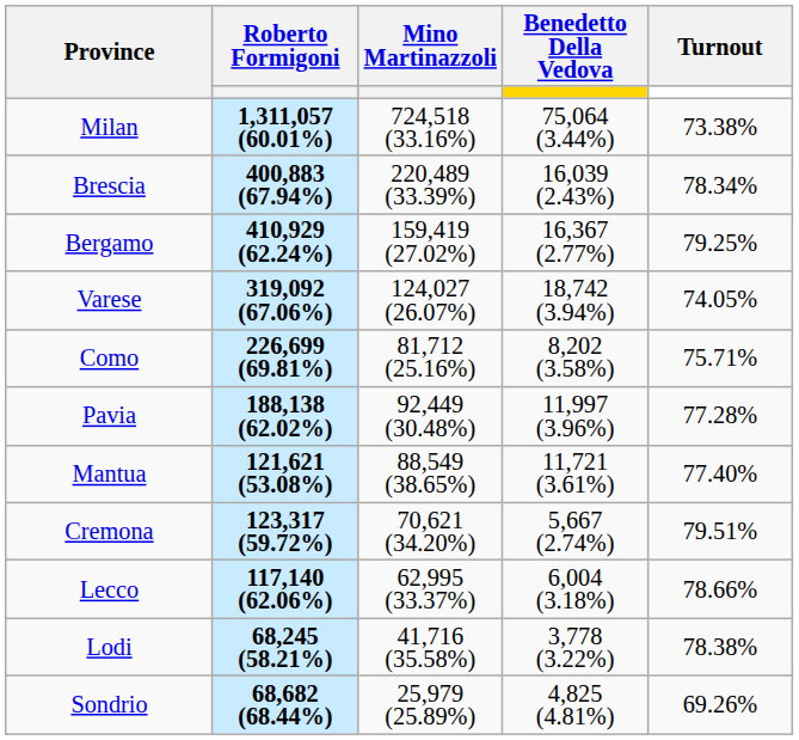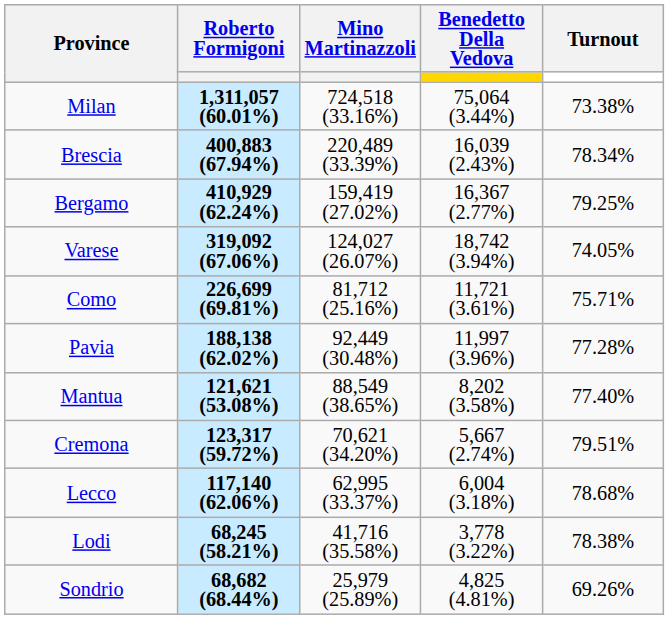 <table class="wikitable" style="text-align:center;font-size:85%;line-height:13px">
 <tr style="height:30px; background-color:#E9E9E9">
 <th style="width:110px;" rowspan="2">Province</th>
 <th style="width:75px;"><a href='#'>Roberto Formigoni</a></th>
 <th style="width:75px;"><a href='#'>Mino Martinazzoli</a></th>
 <th style="width:75px;"><a href='#'>Benedetto Della Vedova</a></th>
 <th style="width:75px;">Turnout</th>
 </tr>
 <tr>
 <th style="background:"></th>
 <th style="background:"></th>
 <th style="background:gold;"></th>
 <th style="background:white;"></th>
 </tr>
 <tr>
 <td><a href='#'>Milan</a></td>
 <td style="background:#C8EBFF"><strong>1,311,057 (60.01%)</strong></td>
 <td>724,518 (33.16%)</td>
 <td>75,064 <br>(3.44%)</td>
 <td>73.38%</td>
 </tr>
 <tr>
 <td><a href='#'>Brescia</a></td>
 <td style="background:#C8EBFF"><strong>400,883 (67.94%)</strong></td>
 <td>220,489 (33.39%)</td>
 <td>16,039 <br>(2.43%)</td>
 <td>78.34%</td>
 </tr>
 <tr>
 <td><a href='#'>Bergamo</a></td>
 <td style="background:#C8EBFF"><strong>410,929 (62.24%)</strong></td>
 <td>159,419 (27.02%)</td>
 <td>16,367 <br>(2.77%)</td>
 <td>79.25%</td>
 </tr>
 <tr>
 <td><a href='#'>Varese</a></td>
 <td style="background:#C8EBFF"><strong>319,092 (67.06%)</strong></td>
 <td>124,027 (26.07%)</td>
 <td>18,742 <br>(3.94%)</td>
 <td>74.05%</td>
 </tr>
 <tr>
 <td><a href='#'>Como</a></td>
 <td style="background:#C8EBFF"><strong>226,699 (69.81%)</strong></td>
 <td>81,712 <br>(25.16%)</td>
-<td>8,202 <br>(3.58%)</td>
+<td>11,721 <br>(3.61%)</td>
 <td>75.71%</td>
 </tr>
 <tr>
 <td><a href='#'>Pavia</a></td>
 <td style="background:#C8EBFF"><strong>188,138 (62.02%)</strong></td>
 <td>92,449 <br>(30.48%)</td>
 <td>11,997 <br>(3.96%)</td>
 <td>77.28%</td>
 </tr>
 <tr>
 <td><a href='#'>Mantua</a></td>
 <td style="background:#C8EBFF"><strong>121,621 (53.08%)</strong></td>
 <td>88,549 <br>(38.65%)</td>
-<td>11,721 <br>(3.61%)</td>
+<td>8,202 <br>(3.58%)</td>
 <td>77.40%</td>
 </tr>
 <tr>
 <td><a href='#'>Cremona</a></td>
 <td style="background:#C8EBFF"><strong>123,317 <br>(59.72%)</strong></td>
 <td>70,621 <br>(34.20%)</td>
 <td>5,667 <br>(2.74%)</td>
 <td>79.51%</td>
 </tr>
 <tr>
 <td><a href='#'>Lecco</a></td>
 <td style="background:#C8EBFF"><strong>117,140 (62.06%)</strong></td>
 <td>62,995 <br>(33.37%)</td>
 <td>6,004 <br>(3.18%)</td>
-<td>78.66%</td>
+<td>78.68%</td>
 </tr>
 <tr>
 <td><a href='#'>Lodi</a></td>
 <td style="background:#C8EBFF"><strong>68,245 <br>(58.21%)</strong></td>
 <td>41,716 <br>(35.58%)</td>
 <td>3,778 <br>(3.22%)</td>
 <td>78.38%</td>
 </tr>
 <tr>
 <td><a href='#'>Sondrio</a></td>
 <td style="background:#C8EBFF"><strong>68,682 <br>(68.44%)</strong></td>
 <td>25,979 <br>(25.89%)</td>
 <td>4,825 <br>(4.81%)</td>
 <td>69.26%</td>
 </tr>
 </table>
